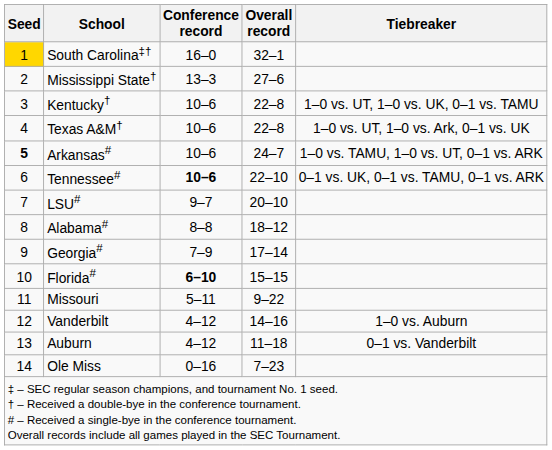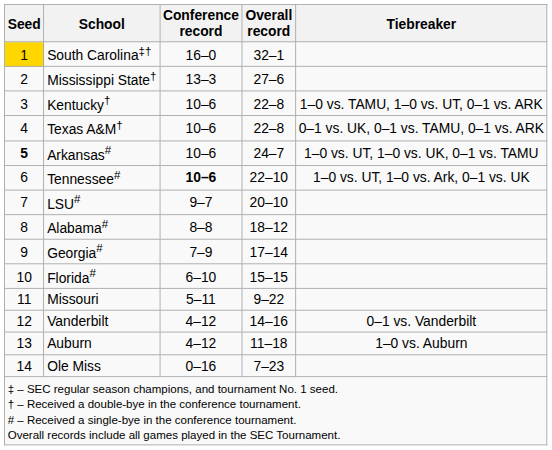 <table class="wikitable" style="white-space:nowrap; font-size:95%; text-align:center">
 <tr>
 <th>Seed</th>
 <th>School</th>
 <th>Conference<br>record</th>
 <th>Overall<br>record</th>
 <th>Tiebreaker</th>
 </tr>
 <tr>
 <td style="background: gold;">1</td>
 <td align=left>South Carolina<sup>‡†</sup></td>
 <td>16–0</td>
 <td>32–1</td>
 <td></td>
 </tr>
 <tr>
 <td>2</td>
 <td align=left>Mississippi State<sup>†</sup></td>
 <td>13–3</td>
 <td>27–6</td>
 <td></td>
 </tr>
 <tr>
 <td>3</td>
 <td align=left>Kentucky<sup>†</sup></td>
 <td>10–6</td>
 <td>22–8</td>
-<td>1–0 vs. UT, 1–0 vs. UK, 0–1 vs. TAMU</td>
+<td>1–0 vs. TAMU, 1–0 vs. UT, 0–1 vs. ARK</td>
 </tr>
 <tr>
 <td>4</td>
 <td align=left>Texas A&M<sup>†</sup></td>
 <td>10–6</td>
 <td>22–8</td>
-<td>1–0 vs. UT, 1–0 vs. Ark, 0–1 vs. UK</td>
+<td>0–1 vs. UK, 0–1 vs. TAMU, 0–1 vs. ARK</td>
 </tr>
 <tr>
 <td><strong>5</strong></td>
 <td align=left>Arkansas<sup>#</sup></td>
 <td>10–6</td>
 <td>24–7</td>
-<td>1–0 vs. TAMU, 1–0 vs. UT, 0–1 vs. ARK</td>
+<td>1–0 vs. UT, 1–0 vs. UK, 0–1 vs. TAMU</td>
 </tr>
 <tr>
 <td>6</td>
 <td align=left>Tennessee<sup>#</sup></td>
 <td><strong>10–6</strong></td>
 <td>22–10</td>
-<td>0–1 vs. UK, 0–1 vs. TAMU, 0–1 vs. ARK</td>
+<td>1–0 vs. UT, 1–0 vs. Ark, 0–1 vs. UK</td>
 </tr>
 <tr>
 <td>7</td>
 <td align=left>LSU<sup>#</sup></td>
 <td>9–7</td>
 <td>20–10</td>
 <td></td>
 </tr>
 <tr>
 <td>8</td>
 <td align=left>Alabama<sup>#</sup></td>
 <td>8–8</td>
 <td>18–12</td>
 <td></td>
 </tr>
 <tr>
 <td>9</td>
 <td align=left>Georgia<sup>#</sup></td>
 <td>7–9</td>
 <td>17–14</td>
 <td></td>
 </tr>
 <tr>
 <td>10</td>
 <td align=left>Florida<sup>#</sup></td>
-<td><strong>6–10</strong></td>
+<td>6–10</td>
 <td>15–15</td>
 <td></td>
 </tr>
 <tr>
 <td>11</td>
 <td align=left>Missouri</td>
 <td>5–11</td>
 <td>9–22</td>
 <td></td>
 </tr>
 <tr>
 <td>12</td>
 <td align=left>Vanderbilt</td>
 <td>4–12</td>
 <td>14–16</td>
-<td>1–0 vs. Auburn</td>
+<td>0–1 vs. Vanderbilt</td>
 </tr>
 <tr>
 <td>13</td>
 <td align=left>Auburn</td>
 <td>4–12</td>
 <td>11–18</td>
-<td>0–1 vs. Vanderbilt</td>
+<td>1–0 vs. Auburn</td>
 </tr>
 <tr>
 <td>14</td>
 <td align=left>Ole Miss</td>
 <td>0–16</td>
 <td>7–23</td>
 <td></td>
 </tr>
 <tr>
 <td colspan=6 align=left><small>‡ – SEC regular season champions, and tournament No. 1 seed.<br>† – Received a double-bye in the conference tournament.<br># – Received a single-bye in the conference tournament.<br>Overall records include all games played in the SEC Tournament.</small></td>
 </tr>
 </table>
